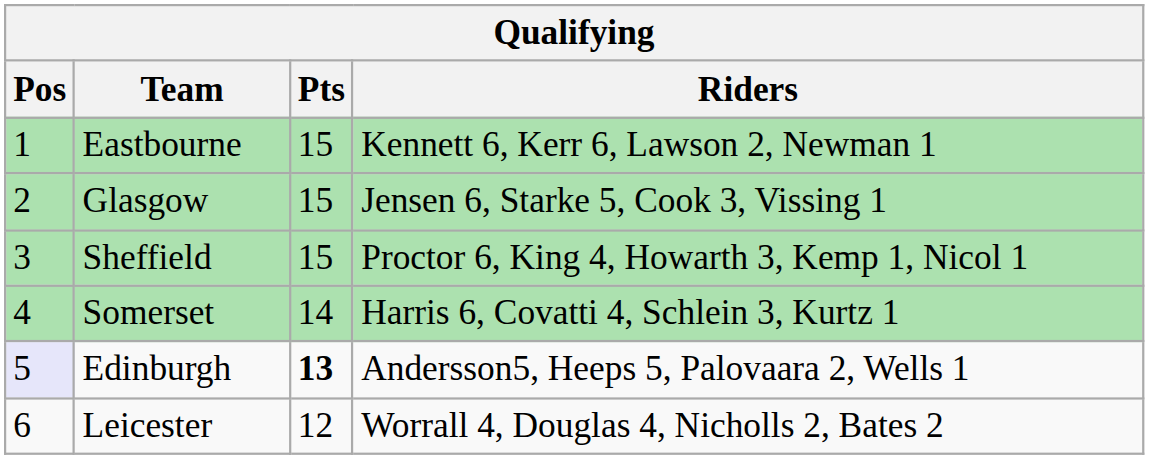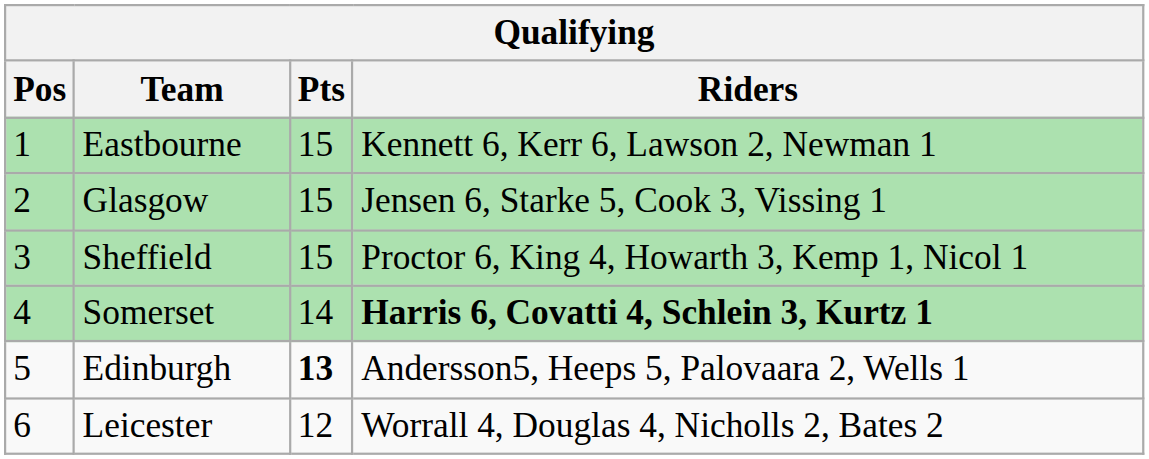 <table class="wikitable">
 <tr>
 <th colspan="4">Qualifying</th>
 </tr>
 <tr>
 <th width=20>Pos</th>
 <th width=90>Team</th>
 <th width=20>Pts</th>
 <th width=350>Riders</th>
 </tr>
 <tr style="background:#ACE1AF;">
 <td>1</td>
 <td align=left>Eastbourne</td>
 <td>15</td>
 <td>Kennett 6, Kerr 6, Lawson 2, Newman 1</td>
 </tr>
 <tr style="background:#ACE1AF;">
 <td>2</td>
 <td align=left>Glasgow</td>
 <td>15</td>
 <td>Jensen 6, Starke 5, Cook 3, Vissing 1</td>
 </tr>
 <tr style="background:#ACE1AF;">
 <td>3</td>
 <td align=left>Sheffield</td>
 <td>15</td>
 <td>Proctor 6, King 4, Howarth 3, Kemp 1, Nicol 1</td>
 </tr>
 <tr style="background:#ACE1AF;">
 <td>4</td>
 <td align=left>Somerset</td>
 <td>14</td>
-<td>Harris 6, Covatti 4, Schlein 3, Kurtz 1</td>
+<td><strong>Harris 6, Covatti 4, Schlein 3, Kurtz 1</strong></td>
 </tr>
 <tr>
-<td style="background: lavender;">5</td>
+<td>5</td>
 <td align=left>Edinburgh</td>
 <td><strong>13</strong></td>
 <td>Andersson5, Heeps 5, Palovaara 2, Wells 1</td>
 </tr>
 <tr>
 <td>6</td>
 <td align=left>Leicester</td>
 <td>12</td>
 <td>Worrall 4, Douglas 4, Nicholls 2, Bates 2</td>
 </tr>
 </table>
